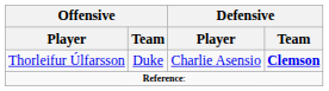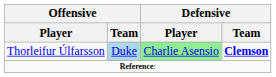 <table class="wikitable" style="text-align: center;">
 <tr>
 <th colspan="2">Offensive</th>
 <th colspan="2">Defensive</th>
 </tr>
 <tr>
 <th>Player</th>
 <th>Team</th>
 <th>Player</th>
 <th>Team</th>
 </tr>
 <tr>
 <td><a href='#'>Thorleifur Úlfarsson</a></td>
-<td><a href='#'>Duke</a></td>
-<td><a href='#'>Charlie Asensio</a></td>
+<td style="background: lightblue;"><a href='#'>Duke</a></td>
+<td style="background: lightgreen;"><a href='#'>Charlie Asensio</a></td>
 <td><strong><a href='#'>Clemson</a></strong></td>
 </tr>
 <tr>
 <td colspan="4"  style="font-size:8pt; text-align:center;"><strong>Reference</strong>:</td>
 </tr>
 </table>
